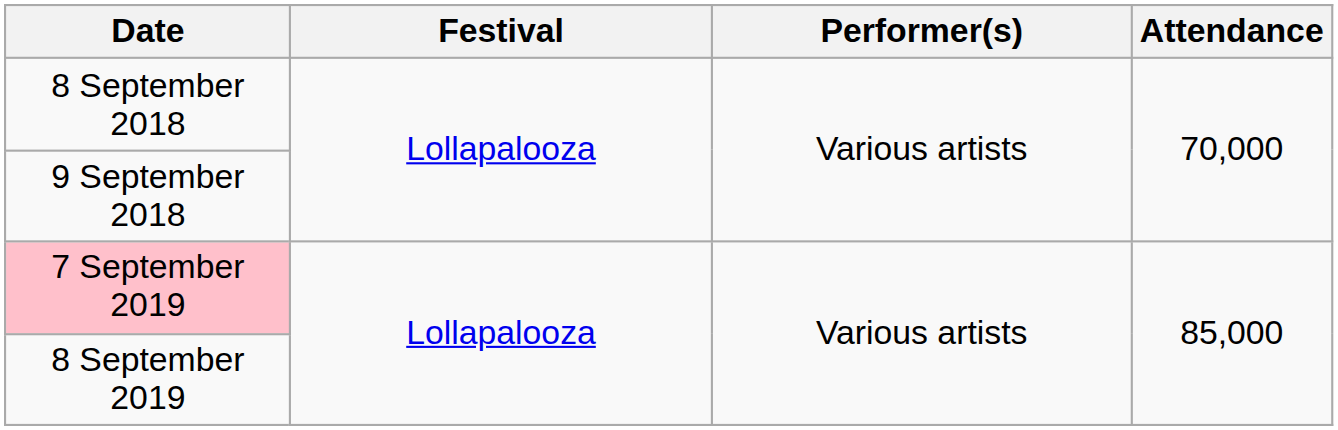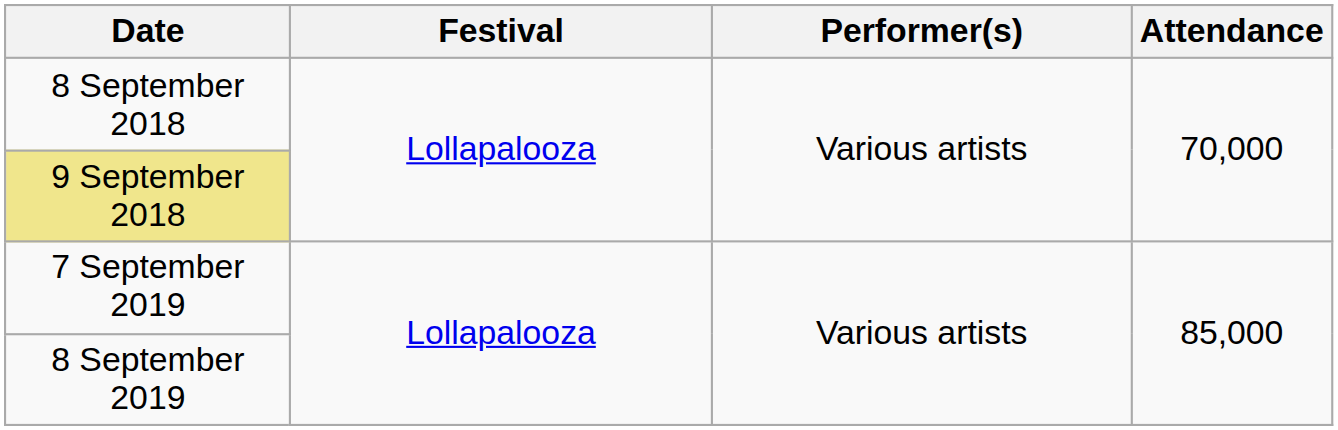 <table class="wikitable sortable plainrowheaders" style="text-align:center;">
 <tr>
 <th scope="col" style="width:8em;">Date</th>
 <th scope="col" style="width:12em;">Festival</th>
 <th scope="col" style="width:12em;">Performer(s)</th>
 <th scope="col" style="width:5em;">Attendance</th>
 </tr>
 <tr>
 <td align="center">8 September 2018</td>
 <td align="center" rowspan='2'><a href='#'>Lollapalooza</a></td>
 <td align="center" rowspan='2'>Various artists</td>
 <td align="center" rowspan='2'>70,000</td>
 </tr>
 <tr>
-<td align="center">9 September 2018</td>
+<td align="center" style="background: khaki;">9 September 2018</td>
 </tr>
 <tr>
-<td align="center" style="background: pink;">7 September 2019</td>
+<td align="center">7 September 2019</td>
 <td align="center" rowspan='2'><a href='#'>Lollapalooza</a></td>
 <td align="center" rowspan='2'>Various artists</td>
 <td align="center" rowspan='2'>85,000</td>
 </tr>
 <tr>
 <td align="center">8 September 2019</td>
 </tr>
 </table>
